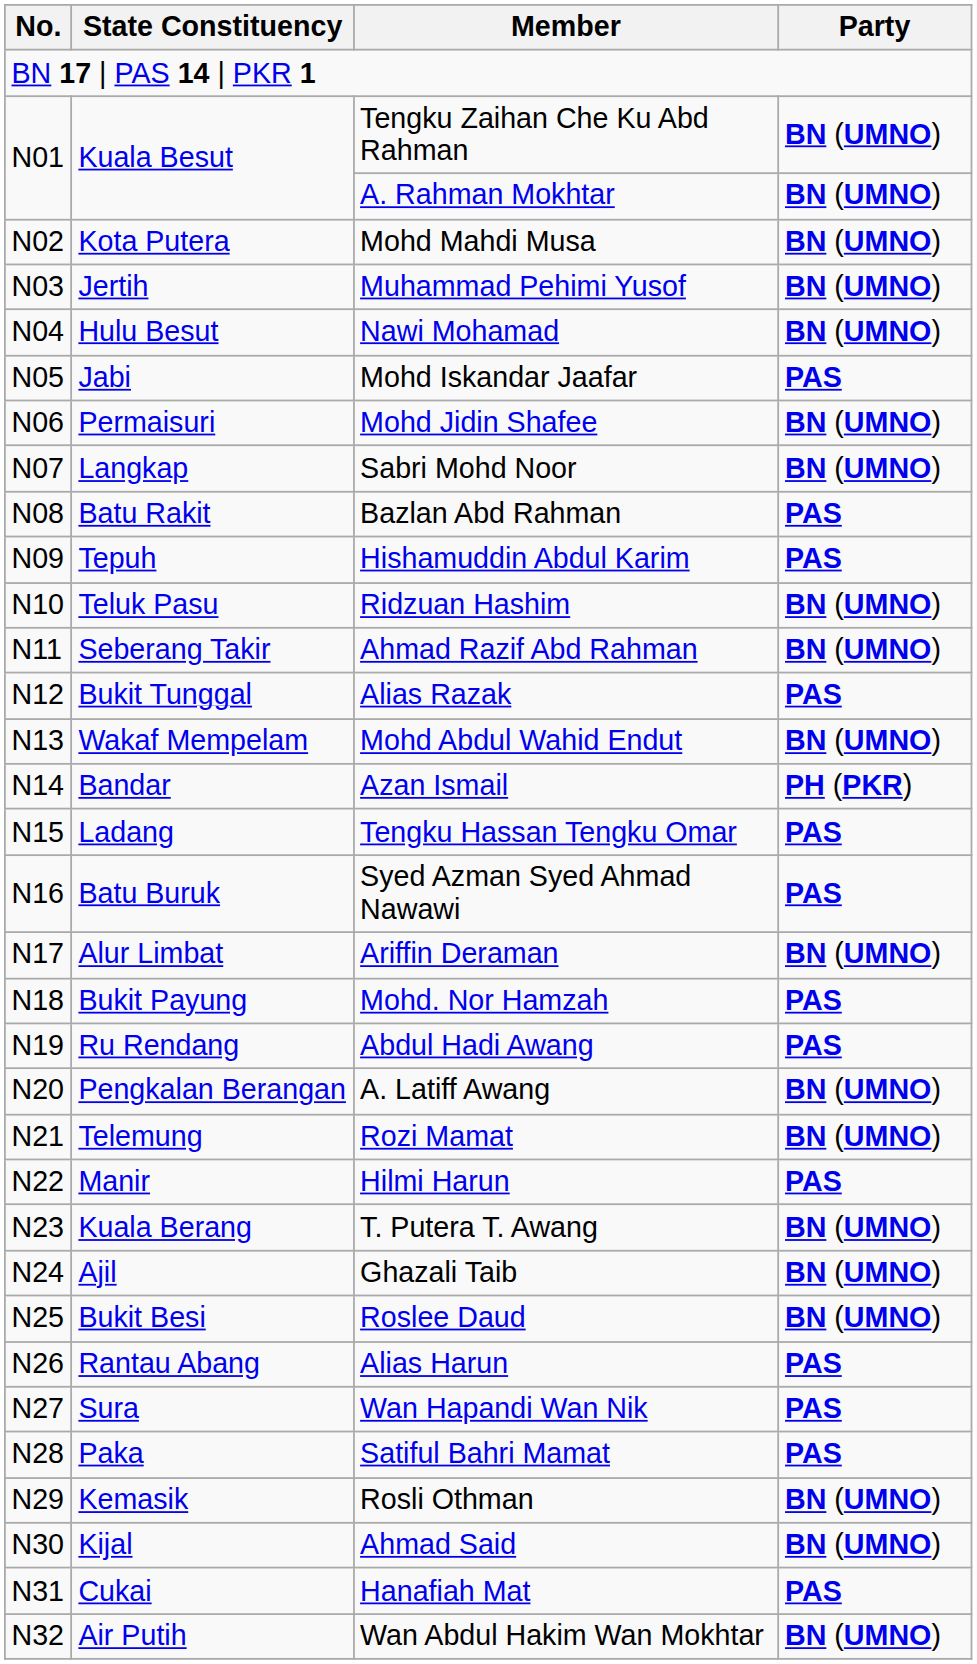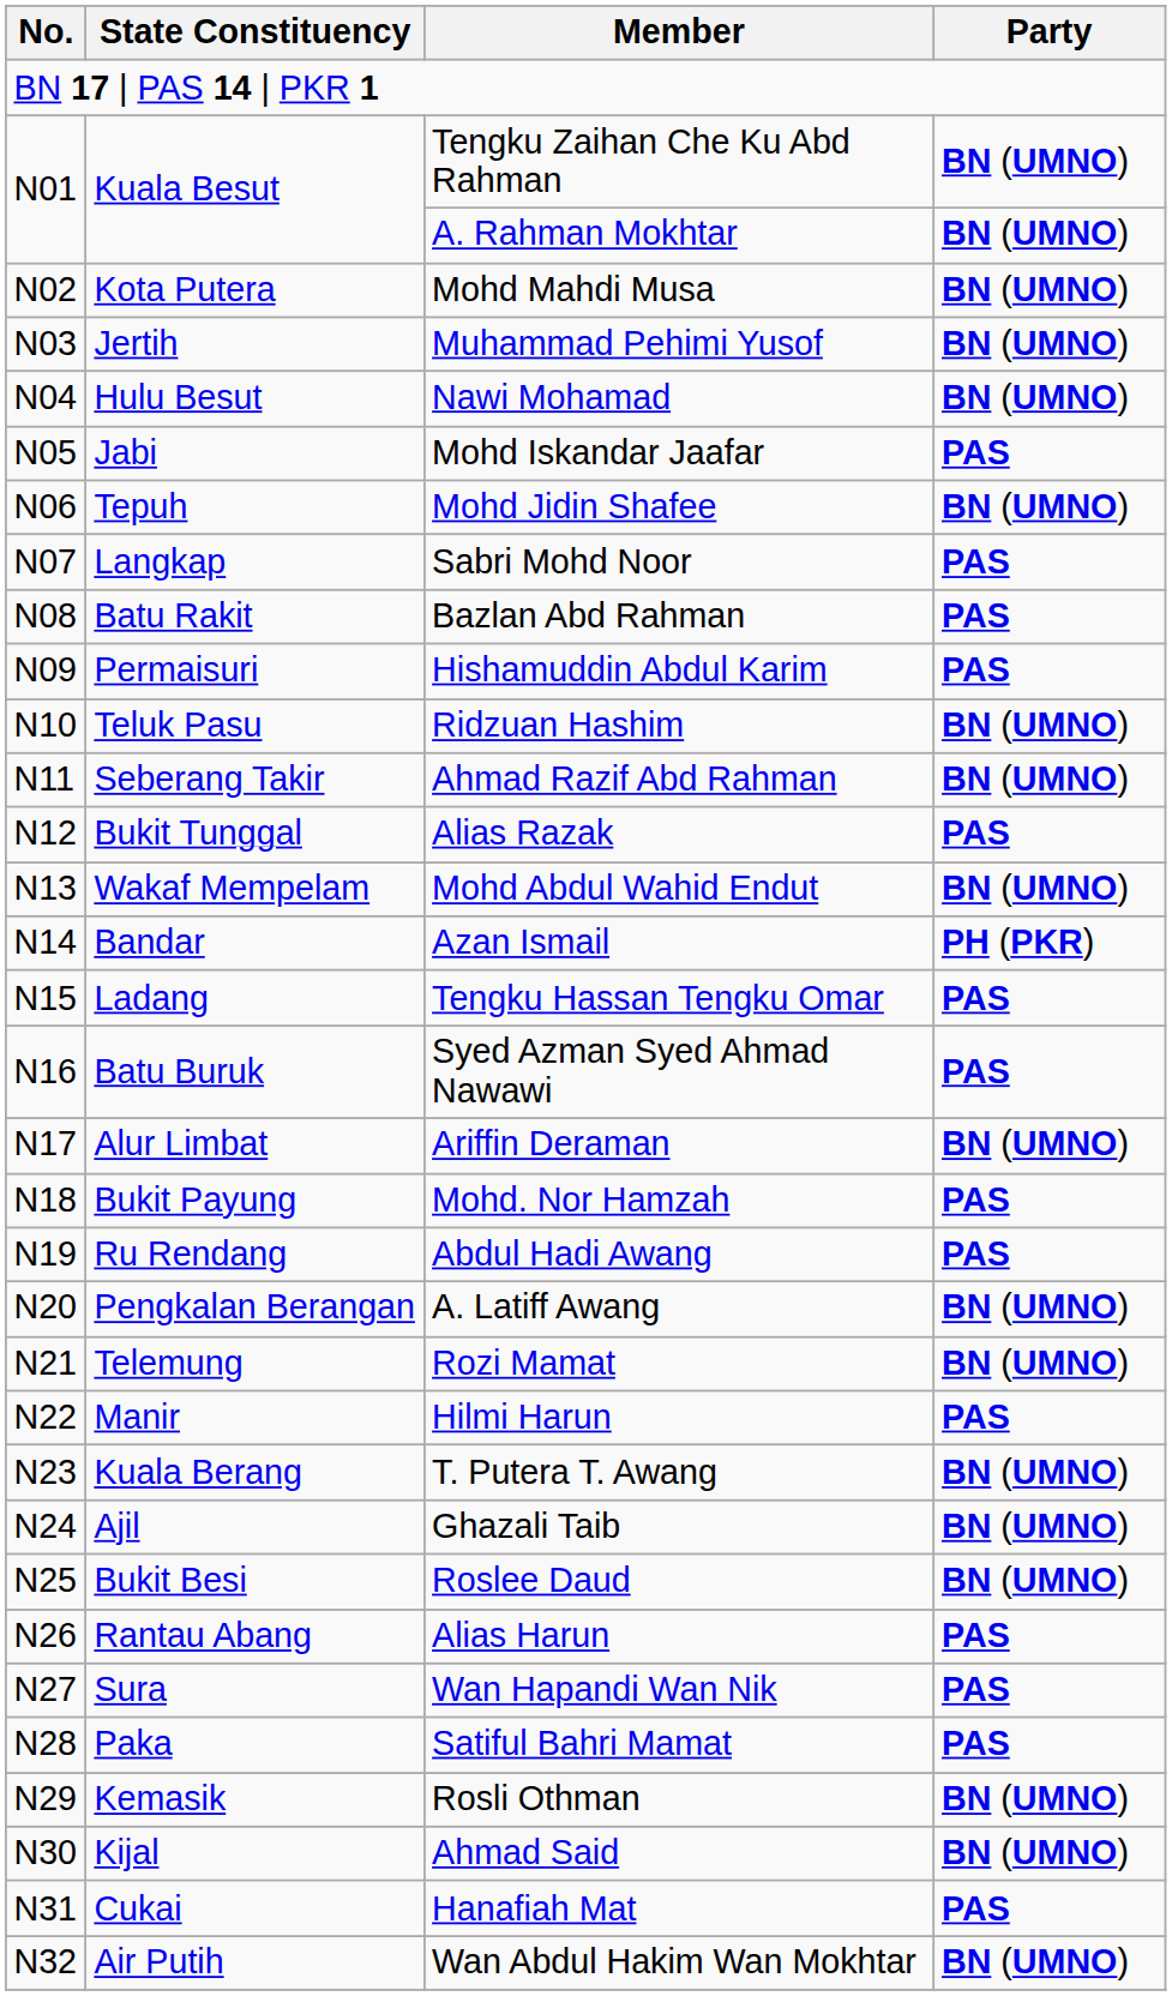 <table class="wikitable sortable">
 <tr>
 <th style="width:30px;">No.</th>
 <th style="width:150px;">State Constituency</th>
 <th style="width:230px;">Member</th>
 <th style="width:100px;">Party</th>
 </tr>
 <tr>
 <td colspan="4"><a href='#'>BN</a> <strong>17</strong> | <a href='#'>PAS</a> <strong>14</strong> | <a href='#'>PKR</a> <strong>1</strong></td>
 </tr>
 <tr>
 <td rowspan=2>N01</td>
 <td rowspan=2><a href='#'>Kuala Besut</a></td>
 <td>Tengku Zaihan Che Ku Abd Rahman </td>
 <td><strong><a href='#'>BN</a></strong> (<strong><a href='#'>UMNO</a></strong>)</td>
 </tr>
 <tr>
 <td><a href='#'>A. Rahman Mokhtar</a> </td>
 <td><strong><a href='#'>BN</a></strong> (<strong><a href='#'>UMNO</a></strong>)</td>
 </tr>
 <tr>
 <td>N02</td>
 <td><a href='#'>Kota Putera</a></td>
 <td>Mohd Mahdi Musa</td>
 <td><strong><a href='#'>BN</a></strong> (<strong><a href='#'>UMNO</a></strong>)</td>
 </tr>
 <tr>
 <td>N03</td>
 <td><a href='#'>Jertih</a></td>
 <td><a href='#'>Muhammad Pehimi Yusof</a></td>
 <td><strong><a href='#'>BN</a></strong> (<strong><a href='#'>UMNO</a></strong>)</td>
 </tr>
 <tr>
 <td>N04</td>
 <td><a href='#'>Hulu Besut</a></td>
 <td><a href='#'>Nawi Mohamad</a></td>
 <td><strong><a href='#'>BN</a></strong> (<strong><a href='#'>UMNO</a></strong>)</td>
 </tr>
 <tr>
 <td>N05</td>
 <td><a href='#'>Jabi</a></td>
 <td>Mohd Iskandar Jaafar</td>
 <td><strong><a href='#'>PAS</a></strong></td>
 </tr>
 <tr>
 <td>N06</td>
-<td><a href='#'>Permaisuri</a></td>
+<td><a href='#'>Tepuh</a></td>
 <td><a href='#'>Mohd Jidin Shafee</a></td>
 <td><strong><a href='#'>BN</a></strong> (<strong><a href='#'>UMNO</a></strong>)</td>
 </tr>
 <tr>
 <td>N07</td>
 <td><a href='#'>Langkap</a></td>
 <td>Sabri Mohd Noor</td>
-<td><strong><a href='#'>BN</a></strong> (<strong><a href='#'>UMNO</a></strong>)</td>
+<td><strong><a href='#'>PAS</a></strong></td>
 </tr>
 <tr>
 <td>N08</td>
 <td><a href='#'>Batu Rakit</a></td>
 <td>Bazlan Abd Rahman</td>
 <td><strong><a href='#'>PAS</a></strong></td>
 </tr>
 <tr>
 <td>N09</td>
-<td><a href='#'>Tepuh</a></td>
+<td><a href='#'>Permaisuri</a></td>
 <td><a href='#'>Hishamuddin Abdul Karim</a></td>
 <td><strong><a href='#'>PAS</a></strong></td>
 </tr>
 <tr>
 <td>N10</td>
 <td><a href='#'>Teluk Pasu</a></td>
 <td><a href='#'>Ridzuan Hashim</a></td>
 <td><strong><a href='#'>BN</a></strong> (<strong><a href='#'>UMNO</a></strong>)</td>
 </tr>
 <tr>
 <td>N11</td>
 <td><a href='#'>Seberang Takir</a></td>
 <td><a href='#'>Ahmad Razif Abd Rahman</a></td>
 <td><strong><a href='#'>BN</a></strong> (<strong><a href='#'>UMNO</a></strong>)</td>
 </tr>
 <tr>
 <td>N12</td>
 <td><a href='#'>Bukit Tunggal</a></td>
 <td><a href='#'>Alias Razak</a></td>
 <td><strong><a href='#'>PAS</a></strong></td>
 </tr>
 <tr>
 <td>N13</td>
 <td><a href='#'>Wakaf Mempelam</a></td>
 <td><a href='#'>Mohd Abdul Wahid Endut</a></td>
 <td><strong><a href='#'>BN</a></strong> (<strong><a href='#'>UMNO</a></strong>)</td>
 </tr>
 <tr>
 <td>N14</td>
 <td><a href='#'>Bandar</a></td>
 <td><a href='#'>Azan Ismail</a></td>
 <td><strong><a href='#'>PH</a></strong> (<strong><a href='#'>PKR</a></strong>)</td>
 </tr>
 <tr>
 <td>N15</td>
 <td><a href='#'>Ladang</a></td>
 <td><a href='#'>Tengku Hassan Tengku Omar</a></td>
 <td><strong><a href='#'>PAS</a></strong></td>
 </tr>
 <tr>
 <td>N16</td>
 <td><a href='#'>Batu Buruk</a></td>
 <td>Syed Azman Syed Ahmad Nawawi</td>
 <td><strong><a href='#'>PAS</a></strong></td>
 </tr>
 <tr>
 <td>N17</td>
 <td><a href='#'>Alur Limbat</a></td>
 <td><a href='#'>Ariffin Deraman</a></td>
 <td><strong><a href='#'>BN</a></strong> (<strong><a href='#'>UMNO</a></strong>)</td>
 </tr>
 <tr>
 <td>N18</td>
 <td><a href='#'>Bukit Payung</a></td>
 <td><a href='#'>Mohd. Nor Hamzah</a></td>
 <td><strong><a href='#'>PAS</a></strong></td>
 </tr>
 <tr>
 <td>N19</td>
 <td><a href='#'>Ru Rendang</a></td>
 <td><a href='#'>Abdul Hadi Awang</a></td>
 <td><strong><a href='#'>PAS</a></strong></td>
 </tr>
 <tr>
 <td>N20</td>
 <td><a href='#'>Pengkalan Berangan</a></td>
 <td>A. Latiff Awang</td>
 <td><strong><a href='#'>BN</a></strong> (<strong><a href='#'>UMNO</a></strong>)</td>
 </tr>
 <tr>
 <td>N21</td>
 <td><a href='#'>Telemung</a></td>
 <td><a href='#'>Rozi Mamat</a></td>
 <td><strong><a href='#'>BN</a></strong> (<strong><a href='#'>UMNO</a></strong>)</td>
 </tr>
 <tr>
 <td>N22</td>
 <td><a href='#'>Manir</a></td>
 <td><a href='#'>Hilmi Harun</a></td>
 <td><strong><a href='#'>PAS</a></strong></td>
 </tr>
 <tr>
 <td>N23</td>
 <td><a href='#'>Kuala Berang</a></td>
 <td>T. Putera T. Awang</td>
 <td><strong><a href='#'>BN</a></strong> (<strong><a href='#'>UMNO</a></strong>)</td>
 </tr>
 <tr>
 <td>N24</td>
 <td><a href='#'>Ajil</a></td>
 <td>Ghazali Taib</td>
 <td><strong><a href='#'>BN</a></strong> (<strong><a href='#'>UMNO</a></strong>)</td>
 </tr>
 <tr>
 <td>N25</td>
 <td><a href='#'>Bukit Besi</a></td>
 <td><a href='#'>Roslee Daud</a></td>
 <td><strong><a href='#'>BN</a></strong> (<strong><a href='#'>UMNO</a></strong>)</td>
 </tr>
 <tr>
 <td>N26</td>
 <td><a href='#'>Rantau Abang</a></td>
 <td><a href='#'>Alias Harun</a></td>
 <td><strong><a href='#'>PAS</a></strong></td>
 </tr>
 <tr>
 <td>N27</td>
 <td><a href='#'>Sura</a></td>
 <td><a href='#'>Wan Hapandi Wan Nik</a></td>
 <td><strong><a href='#'>PAS</a></strong></td>
 </tr>
 <tr>
 <td>N28</td>
 <td><a href='#'>Paka</a></td>
 <td><a href='#'>Satiful Bahri Mamat</a></td>
 <td><strong><a href='#'>PAS</a></strong></td>
 </tr>
 <tr>
 <td>N29</td>
 <td><a href='#'>Kemasik</a></td>
 <td>Rosli Othman</td>
 <td><strong><a href='#'>BN</a></strong> (<strong><a href='#'>UMNO</a></strong>)</td>
 </tr>
 <tr>
 <td>N30</td>
 <td><a href='#'>Kijal</a></td>
 <td><a href='#'>Ahmad Said</a></td>
 <td><strong><a href='#'>BN</a></strong> (<strong><a href='#'>UMNO</a></strong>)</td>
 </tr>
 <tr>
 <td>N31</td>
 <td><a href='#'>Cukai</a></td>
 <td><a href='#'>Hanafiah Mat</a></td>
 <td><strong><a href='#'>PAS</a></strong></td>
 </tr>
 <tr>
 <td>N32</td>
 <td><a href='#'>Air Putih</a></td>
 <td>Wan Abdul Hakim Wan Mokhtar</td>
 <td><strong><a href='#'>BN</a></strong> (<strong><a href='#'>UMNO</a></strong>)</td>
 </tr>
 </table>
